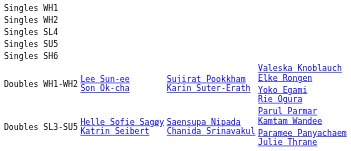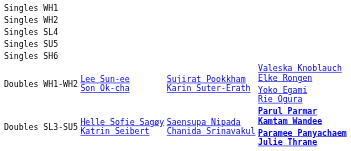 <table>
 <tr>
 <td rowspan=2>Singles WH1</td>
 <td rowspan=2></td>
 <td rowspan=2></td>
 <td></td>
 </tr>
 <tr>
 <td></td>
 </tr>
 <tr>
 <td rowspan=2>Singles WH2</td>
 <td rowspan=2></td>
 <td rowspan=2></td>
 <td></td>
 </tr>
 <tr>
 <td></td>
 </tr>
 <tr>
 <td rowspan=2>Singles SL4</td>
 <td rowspan=2></td>
 <td rowspan=2></td>
 <td></td>
 </tr>
 <tr>
 <td></td>
 </tr>
 <tr>
 <td rowspan=2>Singles SU5</td>
 <td rowspan=2></td>
 <td rowspan=2></td>
 <td></td>
 </tr>
 <tr>
 <td></td>
 </tr>
 <tr>
 <td rowspan=2>Singles SH6</td>
 <td rowspan=2></td>
 <td rowspan=2></td>
 <td></td>
 </tr>
 <tr>
 <td></td>
 </tr>
 <tr>
 <td rowspan=2>Doubles WH1-WH2</td>
 <td rowspan=2> <a href='#'>Lee Sun-ee</a><br> <a href='#'>Son Ok-cha</a></td>
 <td rowspan=2> <a href='#'>Sujirat Pookkham</a><br> <a href='#'>Karin Suter-Erath</a></td>
 <td> <a href='#'>Valeska Knoblauch</a><br> <a href='#'>Elke Rongen</a></td>
 </tr>
 <tr>
 <td> <a href='#'>Yoko Egami</a><br> <a href='#'>Rie Ogura</a></td>
 </tr>
 <tr>
 <td rowspan=2>Doubles SL3-SU5</td>
 <td rowspan=2> <a href='#'>Helle Sofie Sagøy</a><br> <a href='#'>Katrin Seibert</a></td>
 <td rowspan=2> <a href='#'>Saensupa Nipada</a><br> <a href='#'>Chanida Srinavakul</a></td>
-<td> <a href='#'>Parul Parmar</a><br> <a href='#'>Kamtam Wandee</a></td>
+<td><strong> <a href='#'>Parul Parmar</a><br> <a href='#'>Kamtam Wandee</a></strong></td>
 </tr>
 <tr>
-<td> <a href='#'>Paramee Panyachaem</a><br> <a href='#'>Julie Thrane</a></td>
+<td><strong> <a href='#'>Paramee Panyachaem</a><br> <a href='#'>Julie Thrane</a></strong></td>
 </tr>
 </table>
